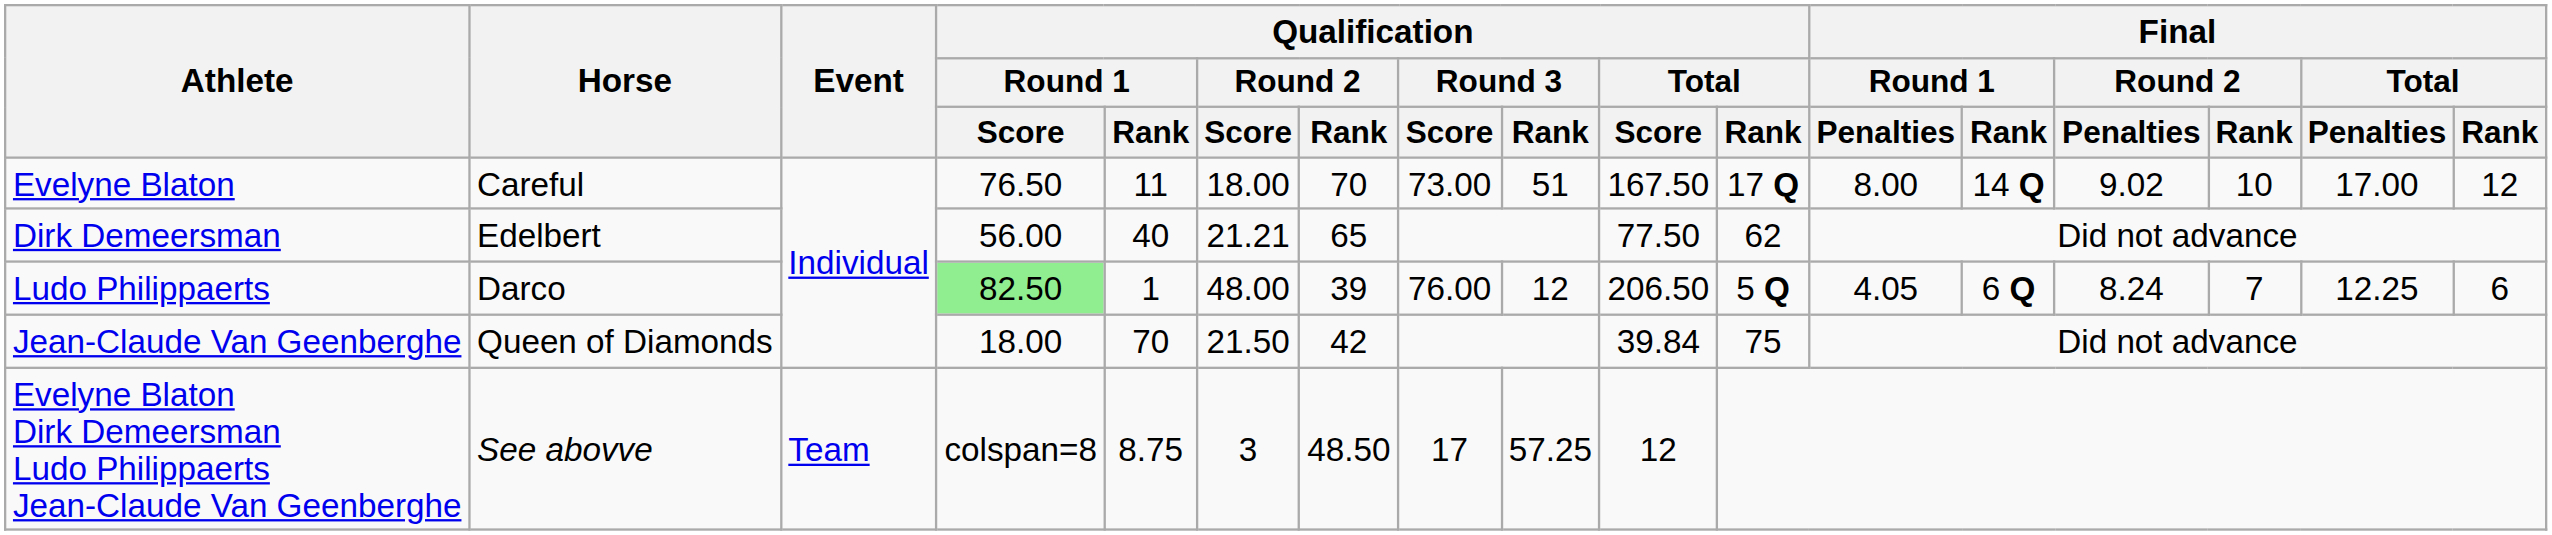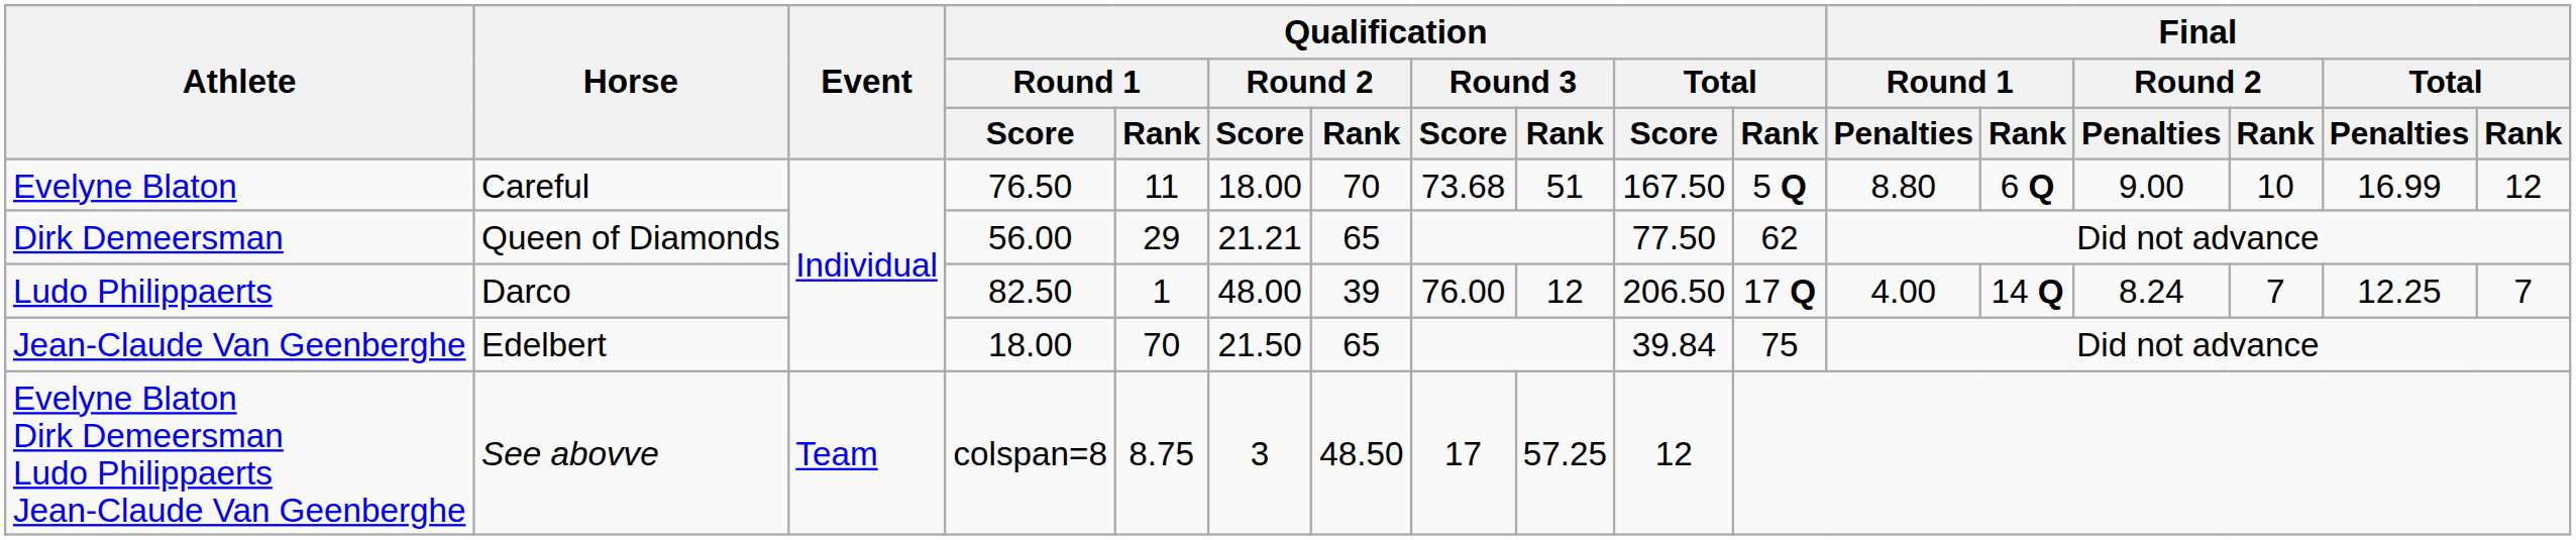 <table class=wikitable style="font-size:90%">
 <tr>
 <th rowspan="3">Athlete</th>
 <th rowspan="3">Horse</th>
 <th rowspan="3">Event</th>
 <th colspan="8">Qualification</th>
 <th colspan="6">Final</th>
 </tr>
 <tr style="font-size:95%">
 <th colspan=2>Round 1</th>
 <th colspan=2>Round 2</th>
 <th colspan=2>Round 3</th>
 <th colspan=2>Total</th>
 <th colspan=2>Round 1</th>
 <th colspan=2>Round 2</th>
 <th colspan=2>Total</th>
 </tr>
 <tr style="font-size:95%">
 <th>Score</th>
 <th>Rank</th>
 <th>Score</th>
 <th>Rank</th>
 <th>Score</th>
 <th>Rank</th>
 <th>Score</th>
 <th>Rank</th>
 <th>Penalties</th>
 <th>Rank</th>
 <th>Penalties</th>
 <th>Rank</th>
 <th>Penalties</th>
 <th>Rank</th>
 </tr>
 <tr align=center>
 <td align=left><a href='#'>Evelyne Blaton</a></td>
 <td align=left>Careful</td>
 <td align=left rowspan=4><a href='#'>Individual</a></td>
 <td>76.50</td>
 <td>11</td>
 <td>18.00</td>
 <td>70</td>
-<td>73.00</td>
+<td>73.68</td>
 <td>51</td>
 <td>167.50</td>
-<td>17 <strong>Q</strong></td>
-<td>8.00</td>
-<td>14 <strong>Q</strong></td>
-<td>9.02</td>
+<td>5 <strong>Q</strong></td>
+<td>8.80</td>
+<td>6 <strong>Q</strong></td>
+<td>9.00</td>
 <td>10</td>
-<td>17.00</td>
+<td>16.99</td>
 <td>12</td>
 </tr>
 <tr align=center>
 <td align=left><a href='#'>Dirk Demeersman</a></td>
-<td align=left>Edelbert</td>
+<td align=left>Queen of Diamonds</td>
 <td>56.00</td>
-<td>40</td>
+<td>29</td>
 <td>21.21</td>
 <td>65</td>
 <td colspan=2></td>
 <td>77.50</td>
 <td>62</td>
 <td colspan=6>Did not advance</td>
 </tr>
 <tr align=center>
 <td align=left><a href='#'>Ludo Philippaerts</a></td>
 <td align=left>Darco</td>
-<td style="background: lightgreen;">82.50</td>
+<td>82.50</td>
 <td>1</td>
 <td>48.00</td>
 <td>39</td>
 <td>76.00</td>
 <td>12</td>
 <td>206.50</td>
-<td>5 <strong>Q</strong></td>
-<td>4.05</td>
-<td>6 <strong>Q</strong></td>
+<td>17 <strong>Q</strong></td>
+<td>4.00</td>
+<td>14 <strong>Q</strong></td>
 <td>8.24</td>
 <td>7</td>
 <td>12.25</td>
-<td>6</td>
+<td>7</td>
 </tr>
 <tr align=center>
 <td align=left><a href='#'>Jean-Claude Van Geenberghe</a></td>
-<td align=left>Queen of Diamonds</td>
+<td align=left>Edelbert</td>
 <td>18.00</td>
 <td>70</td>
 <td>21.50</td>
-<td>42</td>
+<td>65</td>
 <td colspan=2></td>
 <td>39.84</td>
 <td>75</td>
 <td colspan=6>Did not advance</td>
 </tr>
 <tr align=center>
 <td align=left><a href='#'>Evelyne Blaton</a><br><a href='#'>Dirk Demeersman</a><br><a href='#'>Ludo Philippaerts</a><br><a href='#'>Jean-Claude Van Geenberghe</a></td>
 <td align=left><em>See abovve</em></td>
 <td align=left><a href='#'>Team</a></td>
 <td>colspan=8</td>
 <td>8.75</td>
 <td>3</td>
 <td>48.50</td>
 <td>17</td>
 <td>57.25</td>
 <td>12</td>
 </tr>
 </table>
